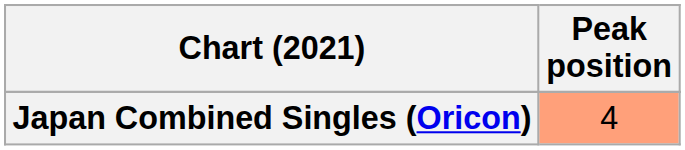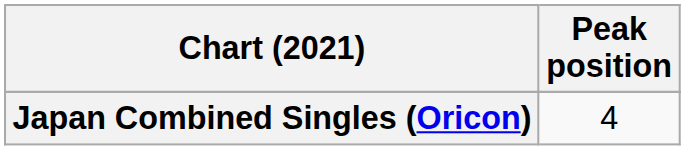 <table class="wikitable sortable plainrowheaders" style="text-align:center">
 <tr>
 <th scope="col">Chart (2021)</th>
 <th scope="col">Peak<br>position</th>
 </tr>
 <tr>
 </tr>
 <tr>
 </tr>
 <tr>
 <th scope="row">Japan Combined Singles (<a href='#'>Oricon</a>)</th>
-<td style="background: lightsalmon;">4</td>
+<td>4</td>
 </tr>
 </table>
